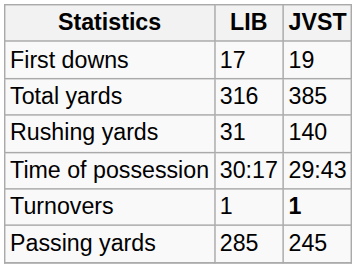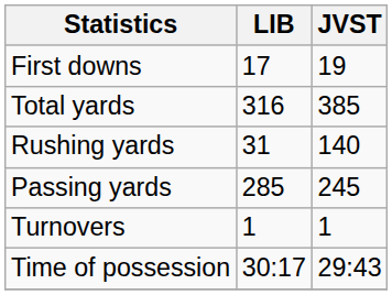 <table class="wikitable">
 <tr>
 <th>Statistics</th>
 <th>LIB</th>
 <th>JVST</th>
 </tr>
 <tr>
 <td>First downs</td>
 <td>17</td>
 <td>19</td>
 </tr>
 <tr>
 <td>Total yards</td>
 <td>316</td>
 <td>385</td>
 </tr>
 <tr>
 <td>Rushing yards</td>
 <td>31</td>
 <td>140</td>
 </tr>
 <tr>
+<td>Passing yards</td>
+<td>285</td>
+<td>245</td>
+</tr>
+<tr>
+<td>Turnovers</td>
+<td>1</td>
+<td>1</td>
+</tr>
+<tr>
 <td>Time of possession</td>
 <td>30:17</td>
 <td>29:43</td>
 </tr>
 <tr>
-<td>Turnovers</td>
-<td>1</td>
-<td><strong>1</strong></td>
-</tr>
-<tr>
-<td>Passing yards</td>
-<td>285</td>
-<td>245</td>
-</tr>
-<tr>
 </tr>
 </table>
